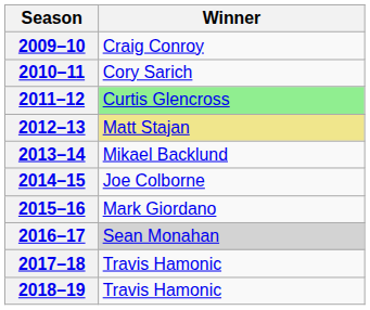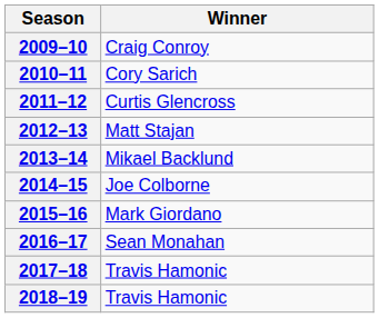 <table class="wikitable">
 <tr>
 <th scope="col" style="width:5em">Season</th>
 <th scope="col" style="width:15em">Winner</th>
 </tr>
 <tr>
 <th scope="row"><a href='#'>2009–10</a></th>
 <td><a href='#'>Craig Conroy</a></td>
 </tr>
 <tr>
 <th scope="row"><a href='#'>2010–11</a></th>
 <td><a href='#'>Cory Sarich</a></td>
 </tr>
 <tr>
 <th scope="row"><a href='#'>2011–12</a></th>
-<td style="background: lightgreen;"><a href='#'>Curtis Glencross</a></td>
+<td><a href='#'>Curtis Glencross</a></td>
 </tr>
 <tr>
 <th scope="row"><a href='#'>2012–13</a></th>
-<td style="background: khaki;"><a href='#'>Matt Stajan</a></td>
+<td><a href='#'>Matt Stajan</a></td>
 </tr>
 <tr>
 <th scope="row"><a href='#'>2013–14</a></th>
 <td><a href='#'>Mikael Backlund</a></td>
 </tr>
 <tr>
 <th scope="row"><a href='#'>2014–15</a></th>
 <td><a href='#'>Joe Colborne</a></td>
 </tr>
 <tr>
 <th scope="row"><a href='#'>2015–16</a></th>
 <td><a href='#'>Mark Giordano</a></td>
 </tr>
 <tr>
 <th scope="row"><a href='#'>2016–17</a></th>
-<td style="background: lightgrey;"><a href='#'>Sean Monahan</a></td>
+<td><a href='#'>Sean Monahan</a></td>
 </tr>
 <tr>
 <th scope="row"><a href='#'>2017–18</a></th>
 <td><a href='#'>Travis Hamonic</a></td>
 </tr>
 <tr>
 <th scope="row"><a href='#'>2018–19</a></th>
 <td><a href='#'>Travis Hamonic</a></td>
 </tr>
 </table>
